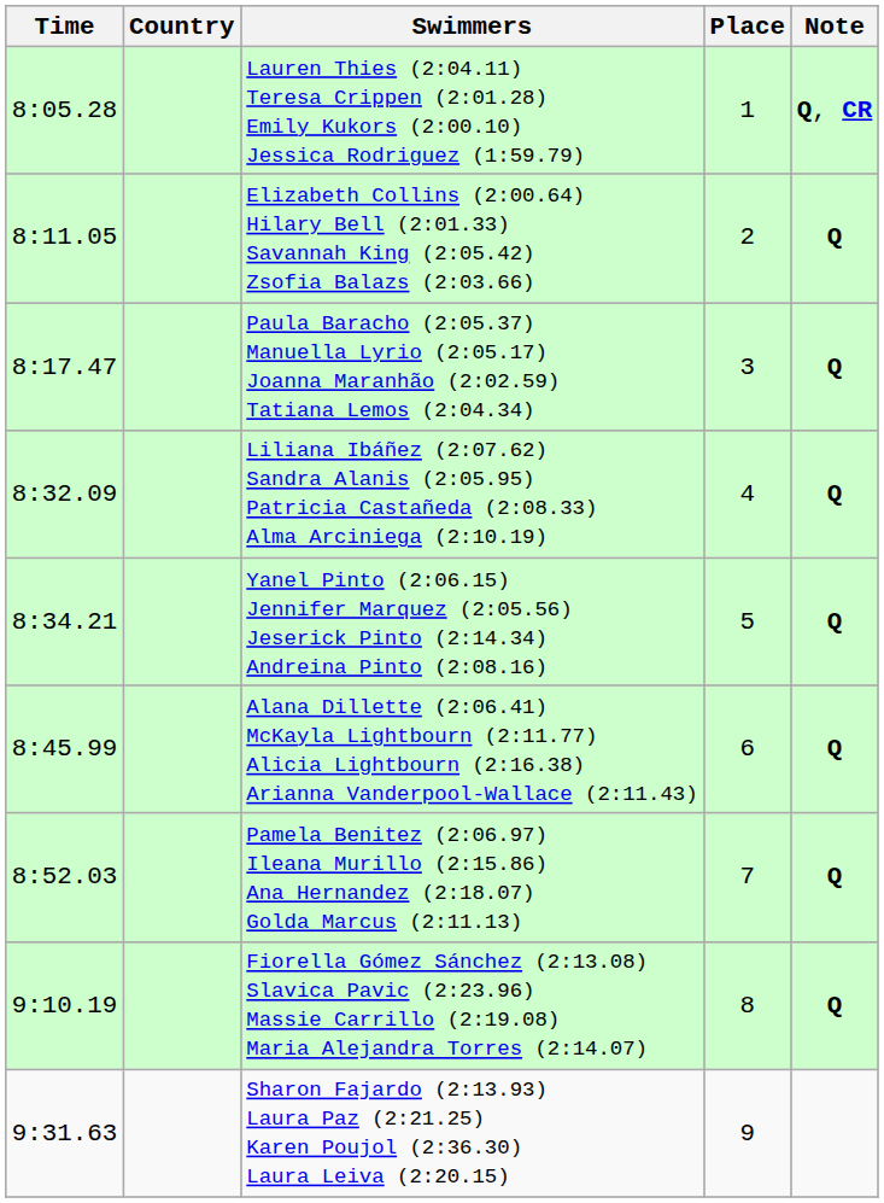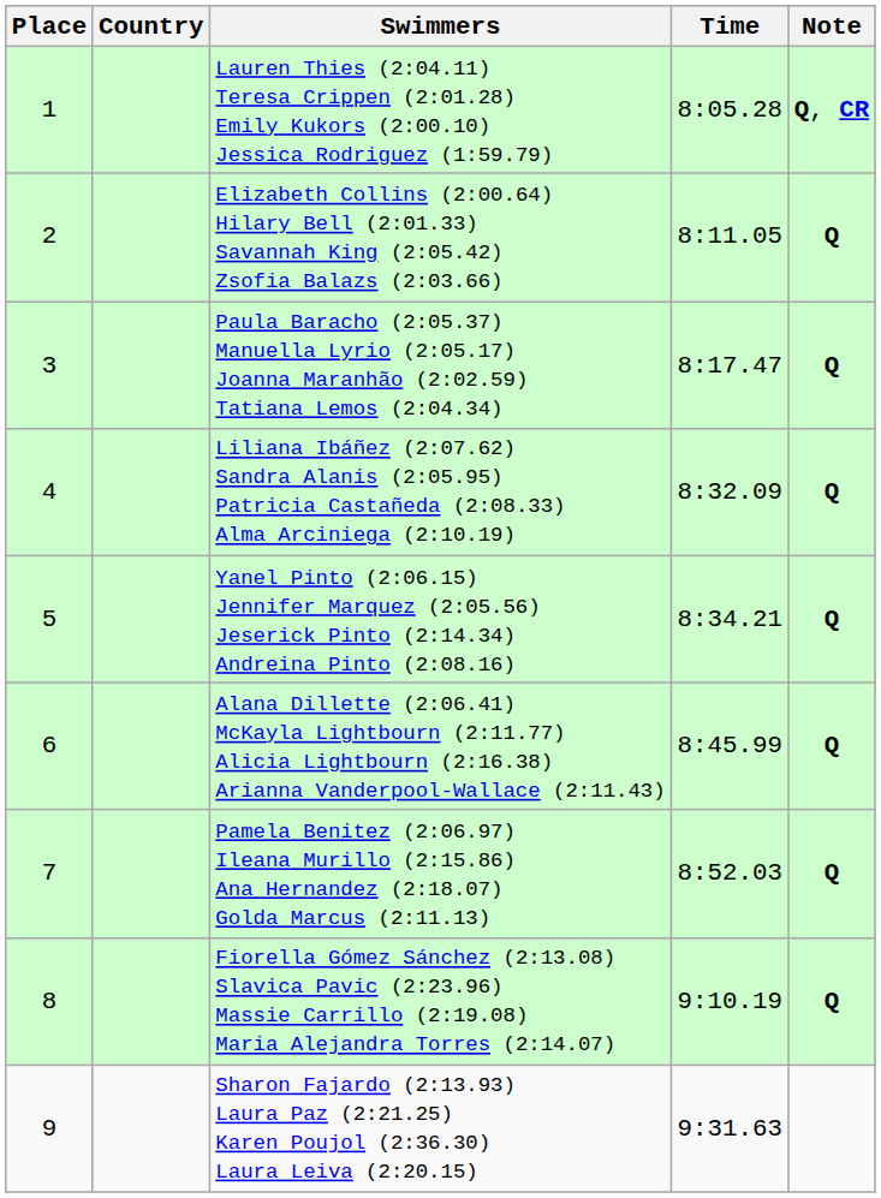 <table class="wikitable" style="text-align:center">
 <tr>
-<th>Time</th>
+<th>Place</th>
 <th>Country</th>
 <th>Swimmers</th>
-<th>Place</th>
+<th>Time</th>
 <th>Note</th>
 </tr>
 <tr bgcolor=ccffcc>
-<td>8:05.28</td>
+<td>1</td>
 <td align=left></td>
 <td align=left><small> <a href='#'>Lauren Thies</a> (2:04.11) <br> <a href='#'>Teresa Crippen</a> (2:01.28) <br> <a href='#'>Emily Kukors</a> (2:00.10) <br> <a href='#'>Jessica Rodriguez</a> (1:59.79)</small></td>
-<td>1</td>
+<td>8:05.28</td>
 <td><strong>Q</strong>, <strong><a href='#'>CR</a></strong></td>
 </tr>
 <tr bgcolor=ccffcc>
-<td>8:11.05</td>
+<td>2</td>
 <td align=left></td>
 <td align=left><small> <a href='#'>Elizabeth Collins</a> (2:00.64) <br> <a href='#'>Hilary Bell</a> (2:01.33) <br> <a href='#'>Savannah King</a> (2:05.42) <br> <a href='#'>Zsofia Balazs</a> (2:03.66)</small></td>
-<td>2</td>
+<td>8:11.05</td>
 <td><strong>Q</strong></td>
 </tr>
 <tr bgcolor=ccffcc>
-<td>8:17.47</td>
+<td>3</td>
 <td align=left></td>
 <td align=left><small> <a href='#'>Paula Baracho</a> (2:05.37) <br> <a href='#'>Manuella Lyrio</a> (2:05.17) <br> <a href='#'>Joanna Maranhão</a> (2:02.59) <br> <a href='#'>Tatiana Lemos</a> (2:04.34)</small></td>
-<td>3</td>
+<td>8:17.47</td>
 <td><strong>Q</strong></td>
 </tr>
 <tr bgcolor=ccffcc>
-<td>8:32.09</td>
+<td>4</td>
 <td align=left></td>
 <td align=left><small> <a href='#'>Liliana Ibáñez</a> (2:07.62) <br> <a href='#'>Sandra Alanis</a> (2:05.95) <br> <a href='#'>Patricia Castañeda</a> (2:08.33) <br> <a href='#'>Alma Arciniega</a> (2:10.19)</small></td>
-<td>4</td>
+<td>8:32.09</td>
 <td><strong>Q</strong></td>
 </tr>
 <tr bgcolor=ccffcc>
-<td>8:34.21</td>
+<td>5</td>
 <td align=left></td>
 <td align=left><small> <a href='#'>Yanel Pinto</a> (2:06.15) <br> <a href='#'>Jennifer Marquez</a> (2:05.56) <br> <a href='#'>Jeserick Pinto</a> (2:14.34) <br> <a href='#'>Andreina Pinto</a> (2:08.16)</small></td>
-<td>5</td>
+<td>8:34.21</td>
 <td><strong>Q</strong></td>
 </tr>
 <tr bgcolor=ccffcc>
-<td>8:45.99</td>
+<td>6</td>
 <td align=left></td>
 <td align=left><small> <a href='#'>Alana Dillette</a> (2:06.41) <br> <a href='#'>McKayla Lightbourn</a> (2:11.77) <br> <a href='#'>Alicia Lightbourn</a> (2:16.38) <br> <a href='#'>Arianna Vanderpool-Wallace</a> (2:11.43)</small></td>
-<td>6</td>
+<td>8:45.99</td>
 <td><strong>Q</strong></td>
 </tr>
 <tr bgcolor=ccffcc>
-<td>8:52.03</td>
+<td>7</td>
 <td align=left></td>
 <td align=left><small> <a href='#'>Pamela Benitez</a> (2:06.97) <br> <a href='#'>Ileana Murillo</a> (2:15.86) <br> <a href='#'>Ana Hernandez</a> (2:18.07) <br> <a href='#'>Golda Marcus</a> (2:11.13)</small></td>
-<td>7</td>
+<td>8:52.03</td>
 <td><strong>Q</strong></td>
 </tr>
 <tr bgcolor=ccffcc>
-<td>9:10.19</td>
+<td>8</td>
 <td align=left></td>
 <td align=left><small> <a href='#'>Fiorella Gómez Sánchez</a> (2:13.08) <br> <a href='#'>Slavica Pavic</a> (2:23.96) <br> <a href='#'>Massie Carrillo</a> (2:19.08) <br> <a href='#'>Maria Alejandra Torres</a> (2:14.07)</small></td>
-<td>8</td>
+<td>9:10.19</td>
 <td><strong>Q</strong></td>
 </tr>
 <tr>
-<td>9:31.63</td>
+<td>9</td>
 <td align=left></td>
 <td align=left><small> <a href='#'>Sharon Fajardo</a> (2:13.93) <br> <a href='#'>Laura Paz</a> (2:21.25) <br> <a href='#'>Karen Poujol</a> (2:36.30) <br> <a href='#'>Laura Leiva</a> (2:20.15) </small></td>
-<td>9</td>
+<td>9:31.63</td>
 <td></td>
 </tr>
 </table>
